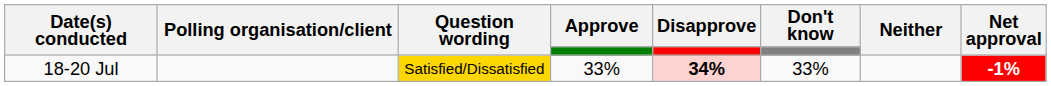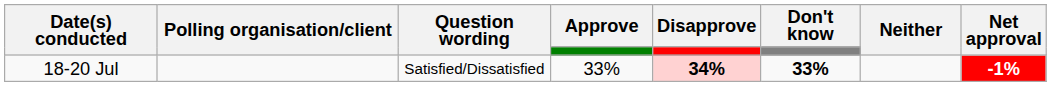 <table class="wikitable collapsible sortable" style="text-align:center;font-size:95%;line-height:14px;">
 <tr>
 <th style="width:125px;" rowspan="2">Date(s)<br>conducted</th>
 <th style="width:200px;" rowspan="2">Polling organisation/client</th>
 <th style="width:120px;" rowspan="2">Question<br>wording</th>
 <th class="unsortable" style="width:80px;">Approve</th>
 <th class="unsortable" style="width: 80px;">Disapprove</th>
 <th class="unsortable" style="width:80px;">Don't know</th>
 <th class="unsortable" style="width:80px;"rowspan="2">Neither</th>
 <th class="unsortable" style="width:20px;" rowspan="2">Net approval</th>
 </tr>
 <tr>
 <th class="unsortable" style="background:green;width:60px;"></th>
 <th class="unsortable" style="background:red;width:60px;"></th>
 <th class="unsortable" style="background:grey;width:60px;"></th>
 </tr>
 <tr>
 <td>18-20 Jul</td>
 <td></td>
-<td style="background: gold;"><small>Satisfied/Dissatisfied</small></td>
+<td><small>Satisfied/Dissatisfied</small></td>
 <td>33%</td>
 <td style="background:#FFD2D2"><strong>34%</strong></td>
-<td>33%</td>
+<td><strong>33%</strong></td>
 <td></td>
 <td style="background:red;color:white;"><strong>-1%</strong></td>
 </tr>
 </table>
